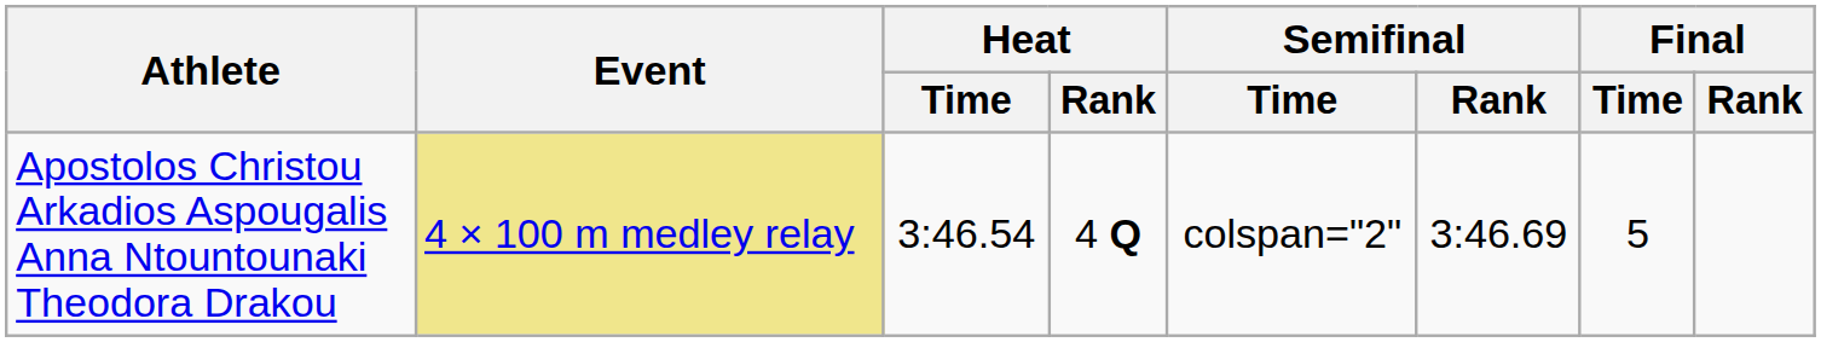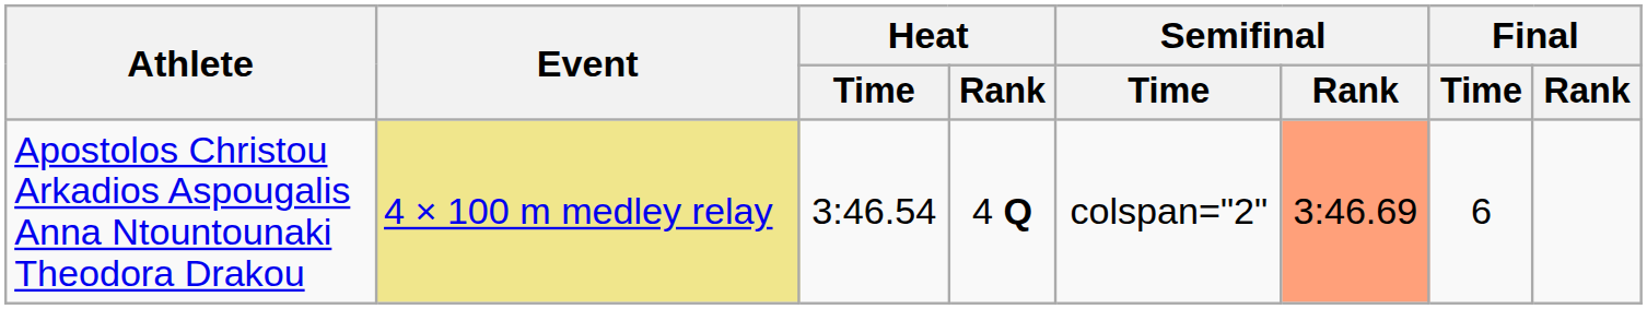 <table class="wikitable" style="text-align:center; font-size:90%; width:50%;">
 <tr>
 <th rowspan="2">Athlete</th>
 <th rowspan="2">Event</th>
 <th colspan="2">Heat</th>
 <th colspan="2">Semifinal</th>
 <th colspan="2">Final</th>
 </tr>
 <tr style="font-size:95%">
 <th>Time</th>
 <th>Rank</th>
 <th>Time</th>
 <th>Rank</th>
 <th>Time</th>
 <th>Rank</th>
 </tr>
 <tr>
 <td align=left><a href='#'>Apostolos Christou</a> <br><a href='#'>Arkadios Aspougalis</a><br><a href='#'>Anna Ntountounaki</a><br><a href='#'>Theodora Drakou</a></td>
 <td align=left style="background: khaki;"><a href='#'>4 × 100 m medley relay</a></td>
 <td>3:46.54</td>
 <td>4 <strong>Q</strong></td>
 <td>colspan="2" </td>
-<td>3:46.69</td>
-<td>5</td>
+<td style="background: lightsalmon;">3:46.69</td>
+<td>6</td>
 </tr>
 </table>
